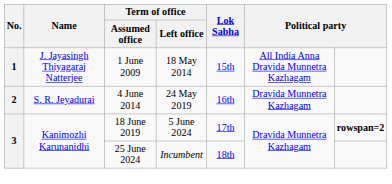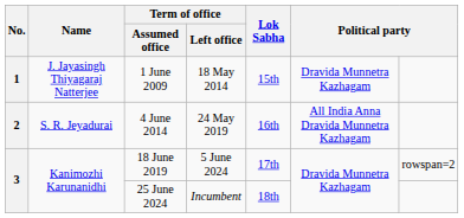 <table class="wikitable sortable" style="text-align:center">
 <tr>
 <th rowspan=2>No.</th>
 <th rowspan=2>Name</th>
 <th colspan=2>Term of office</th>
 <th rowspan=2><a href='#'>Lok Sabha</a><br></th>
 <th rowspan=2 colspan=2>Political party</th>
 </tr>
 <tr>
 <th>Assumed office</th>
 <th>Left office</th>
 </tr>
 <tr>
 <th>1</th>
 <td><a href='#'>J. Jayasingh Thiyagaraj Natterjee</a></td>
 <td>1 June 2009</td>
 <td>18 May 2014</td>
 <td><a href='#'>15th</a><br></td>
-<td><a href='#'>All India Anna Dravida Munnetra Kazhagam</a></td>
+<td><a href='#'>Dravida Munnetra Kazhagam</a></td>
 <td></td>
 </tr>
 <tr>
 <th>2</th>
 <td><a href='#'>S. R. Jeyadurai</a></td>
 <td>4 June 2014</td>
 <td>24 May 2019</td>
 <td><a href='#'>16th</a><br></td>
-<td><a href='#'>Dravida Munnetra Kazhagam</a></td>
+<td><a href='#'>All India Anna Dravida Munnetra Kazhagam</a></td>
 <td></td>
 </tr>
 <tr>
 <th rowspan=2>3</th>
 <td rowspan=2><a href='#'>Kanimozhi Karunanidhi</a></td>
 <td>18 June 2019</td>
 <td>5 June 2024</td>
 <td><a href='#'>17th</a><br></td>
 <td rowspan=2><a href='#'>Dravida Munnetra Kazhagam</a></td>
-<td><strong>rowspan=2 </strong></td>
+<td>rowspan=2 </td>
 </tr>
 <tr>
 <td>25 June 2024</td>
 <td><em>Incumbent</em></td>
 <td><a href='#'>18th</a><br></td>
 </tr>
 </table>
